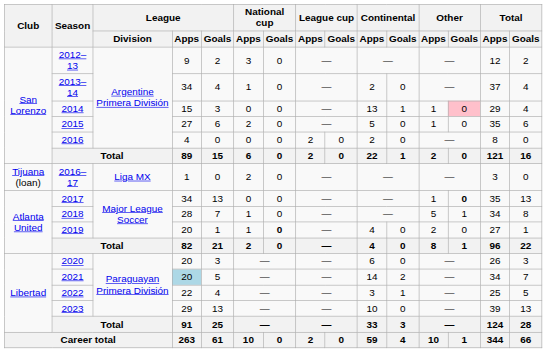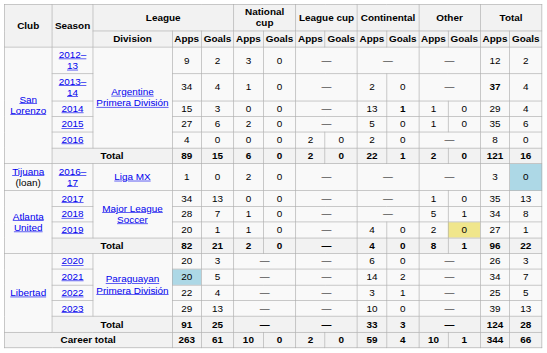 <table class="wikitable" style="text-align:center">
 <tr>
 <th rowspan="2">Club</th>
 <th rowspan="2">Season</th>
 <th colspan="3">League</th>
 <th colspan="2">National cup</th>
 <th colspan="2">League cup</th>
 <th colspan="2">Continental</th>
 <th colspan="2">Other</th>
 <th colspan="2">Total</th>
 </tr>
 <tr>
 <th>Division</th>
 <th>Apps</th>
 <th>Goals</th>
 <th>Apps</th>
 <th>Goals</th>
 <th>Apps</th>
 <th>Goals</th>
 <th>Apps</th>
 <th>Goals</th>
 <th>Apps</th>
 <th>Goals</th>
 <th>Apps</th>
 <th>Goals</th>
 </tr>
 <tr>
 <td rowspan="6"><a href='#'>San Lorenzo</a></td>
 <td><a href='#'>2012–13</a></td>
 <td rowspan="5"><a href='#'>Argentine Primera División</a></td>
 <td>9</td>
 <td>2</td>
 <td>3</td>
 <td>0</td>
 <td colspan="2">—</td>
 <td colspan="2">—</td>
 <td colspan="2">—</td>
 <td>12</td>
 <td>2</td>
 </tr>
 <tr>
 <td><a href='#'>2013–14</a></td>
 <td>34</td>
 <td>4</td>
 <td>1</td>
 <td>0</td>
 <td colspan="2">—</td>
 <td>2</td>
 <td>0</td>
 <td colspan="2">—</td>
-<td>37</td>
+<td><strong>37</strong></td>
 <td>4</td>
 </tr>
 <tr>
 <td><a href='#'>2014</a></td>
 <td>15</td>
 <td>3</td>
 <td>0</td>
 <td>0</td>
 <td colspan="2">—</td>
 <td>13</td>
+<td><strong>1</strong></td>
 <td>1</td>
-<td>1</td>
-<td style="background: pink;">0</td>
+<td>0</td>
 <td>29</td>
 <td>4</td>
 </tr>
 <tr>
 <td><a href='#'>2015</a></td>
 <td>27</td>
 <td>6</td>
 <td>2</td>
 <td>0</td>
 <td colspan="2">—</td>
 <td>5</td>
 <td>0</td>
 <td>1</td>
 <td>0</td>
 <td>35</td>
 <td>6</td>
 </tr>
 <tr>
 <td><a href='#'>2016</a></td>
 <td>4</td>
 <td>0</td>
 <td>0</td>
 <td>0</td>
 <td>2</td>
 <td>0</td>
 <td>2</td>
 <td>0</td>
 <td colspan="2">—</td>
 <td>8</td>
 <td>0</td>
 </tr>
 <tr>
 <th colspan="2">Total</th>
 <th>89</th>
 <th>15</th>
 <th>6</th>
 <th>0</th>
 <th>2</th>
 <th>0</th>
 <th>22</th>
 <th>1</th>
 <th>2</th>
 <th>0</th>
 <th>121</th>
 <th>16</th>
 </tr>
 <tr>
 <td><a href='#'>Tijuana</a> (loan)</td>
 <td><a href='#'>2016–17</a></td>
 <td><a href='#'>Liga MX</a></td>
 <td>1</td>
 <td>0</td>
 <td>2</td>
 <td>0</td>
 <td colspan="2">—</td>
 <td colspan="2">—</td>
 <td colspan="2">—</td>
 <td>3</td>
-<td>0</td>
+<td style="background: lightblue;">0</td>
 </tr>
 <tr>
 <td rowspan="4"><a href='#'>Atlanta United</a></td>
 <td><a href='#'>2017</a></td>
 <td rowspan="3"><a href='#'>Major League Soccer</a></td>
 <td>34</td>
 <td>13</td>
 <td>0</td>
 <td>0</td>
 <td colspan="2">—</td>
 <td colspan="2">—</td>
 <td>1</td>
-<td><strong>0</strong></td>
+<td>0</td>
 <td>35</td>
 <td>13</td>
 </tr>
 <tr>
 <td><a href='#'>2018</a></td>
 <td>28</td>
 <td>7</td>
 <td>1</td>
 <td>0</td>
 <td colspan="2">—</td>
 <td colspan="2">—</td>
 <td>5</td>
 <td>1</td>
 <td>34</td>
 <td>8</td>
 </tr>
 <tr>
 <td><a href='#'>2019</a></td>
 <td>20</td>
 <td>1</td>
 <td>1</td>
-<td><strong>0</strong></td>
+<td>0</td>
 <td colspan="2">—</td>
 <td>4</td>
 <td>0</td>
 <td>2</td>
-<td>0</td>
+<td style="background: khaki;">0</td>
 <td>27</td>
 <td>1</td>
 </tr>
 <tr>
 <th colspan="2">Total</th>
 <th>82</th>
 <th>21</th>
 <th>2</th>
 <th>0</th>
 <th colspan="2">—</th>
 <th>4</th>
 <th>0</th>
 <th>8</th>
 <th>1</th>
 <th>96</th>
 <th>22</th>
 </tr>
 <tr>
 <td rowspan="5"><a href='#'>Libertad</a></td>
 <td><a href='#'>2020</a></td>
 <td rowspan="4"><a href='#'>Paraguayan Primera División</a></td>
 <td>20</td>
 <td>3</td>
 <td colspan="2">—</td>
 <td colspan="2">—</td>
 <td>6</td>
 <td>0</td>
 <td colspan="2">—</td>
 <td>26</td>
 <td>3</td>
 </tr>
 <tr>
 <td><a href='#'>2021</a></td>
 <td style="background: lightblue;">20</td>
 <td>5</td>
 <td colspan="2">—</td>
 <td colspan="2">—</td>
 <td>14</td>
 <td>2</td>
 <td colspan="2">—</td>
 <td>34</td>
 <td>7</td>
 </tr>
 <tr>
 <td><a href='#'>2022</a></td>
 <td>22</td>
 <td>4</td>
 <td colspan="2">—</td>
 <td colspan="2">—</td>
 <td>3</td>
 <td>1</td>
 <td colspan="2">—</td>
 <td>25</td>
 <td>5</td>
 </tr>
 <tr>
 <td><a href='#'>2023</a></td>
 <td>29</td>
 <td>13</td>
 <td colspan="2">—</td>
 <td colspan="2">—</td>
 <td>10</td>
 <td>0</td>
 <td colspan="2">—</td>
 <td>39</td>
 <td>13</td>
 </tr>
 <tr>
 <th colspan="2">Total</th>
 <th>91</th>
 <th>25</th>
 <th colspan="2">—</th>
 <th colspan="2">—</th>
 <th>33</th>
 <th>3</th>
 <th colspan="2">—</th>
 <th>124</th>
 <th>28</th>
 </tr>
 <tr>
 <th colspan="3">Career total</th>
 <th>263</th>
 <th>61</th>
 <th>10</th>
 <th>0</th>
 <th>2</th>
 <th>0</th>
 <th>59</th>
 <th>4</th>
 <th>10</th>
 <th>1</th>
 <th>344</th>
 <th>66</th>
 </tr>
 </table>
